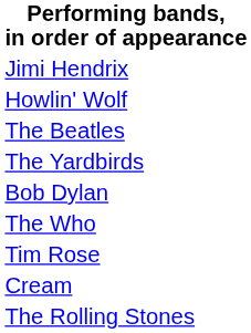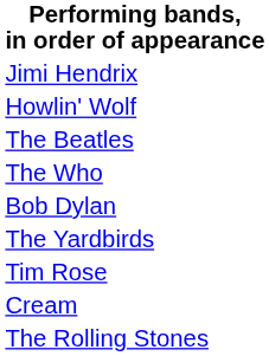 <table align=right>
 <tr>
 <th>Performing bands,<br>in order of appearance</th>
 </tr>
 <tr>
 <td><a href='#'>Jimi Hendrix</a></td>
 </tr>
 <tr>
 <td><a href='#'>Howlin' Wolf</a></td>
 </tr>
 <tr>
 <td><a href='#'>The Beatles</a></td>
 </tr>
 <tr>
-<td><a href='#'>The Yardbirds</a></td>
+<td><a href='#'>The Who</a></td>
 </tr>
 <tr>
 <td><a href='#'>Bob Dylan</a></td>
 </tr>
 <tr>
-<td><a href='#'>The Who</a></td>
+<td><a href='#'>The Yardbirds</a></td>
 </tr>
 <tr>
 <td><a href='#'>Tim Rose</a></td>
 </tr>
 <tr>
 <td><a href='#'>Cream</a></td>
 </tr>
 <tr>
 <td><a href='#'>The Rolling Stones</a></td>
 </tr>
 </table>
